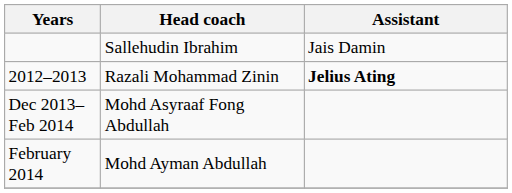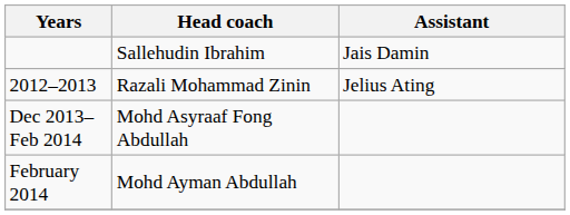 <table class="wikitable" style="font-size:95%; width: 50%;">
 <tr>
 <th width="5%">Years</th>
 <th width="20%">Head coach</th>
 <th width="20%">Assistant</th>
 </tr>
 <tr>
 <td></td>
 <td> Sallehudin Ibrahim</td>
 <td> Jais Damin</td>
 </tr>
 <tr>
 <td>2012–2013</td>
 <td> Razali Mohammad Zinin</td>
-<td><strong> Jelius Ating</strong></td>
+<td> Jelius Ating</td>
 </tr>
 <tr>
 <td>Dec 2013– Feb 2014</td>
 <td> Mohd Asyraaf Fong Abdullah</td>
 <td></td>
 </tr>
 <tr>
 <td>February 2014</td>
 <td> Mohd Ayman Abdullah</td>
 <td></td>
 </tr>
 <tr>
 </tr>
 </table>
